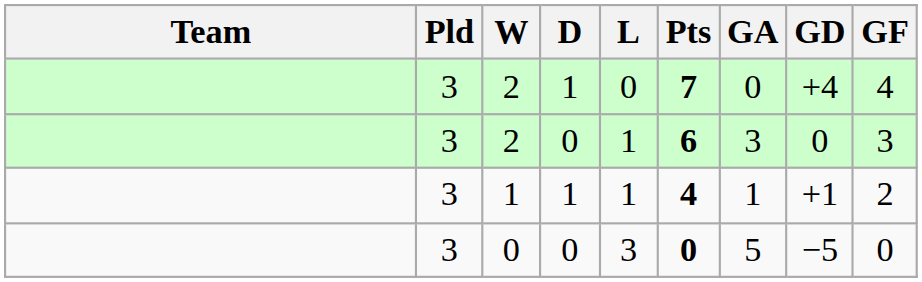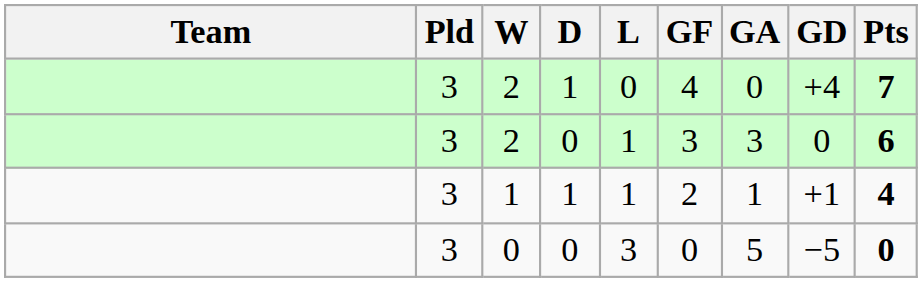 <table class="wikitable" style="text-align:center">
 <tr>
 <th width=185>Team</th>
 <th width=20>Pld</th>
 <th width=20>W</th>
 <th width=20>D</th>
 <th width=20>L</th>
-<th width=20>Pts</th>
+<th width=20>GF</th>
 <th width=20>GA</th>
 <th width=20>GD</th>
-<th width=20>GF</th>
+<th width=20>Pts</th>
 </tr>
 <tr bgcolor="#ccffcc">
 <td align="left"></td>
 <td>3</td>
 <td>2</td>
 <td>1</td>
 <td>0</td>
-<td><strong>7</strong></td>
+<td>4</td>
 <td>0</td>
 <td>+4</td>
-<td>4</td>
+<td><strong>7</strong></td>
 </tr>
 <tr bgcolor="#ccffcc">
 <td align="left"></td>
 <td>3</td>
 <td>2</td>
 <td>0</td>
 <td>1</td>
-<td><strong>6</strong></td>
+<td>3</td>
 <td>3</td>
 <td>0</td>
-<td>3</td>
+<td><strong>6</strong></td>
 </tr>
 <tr>
 <td align="left"></td>
 <td>3</td>
 <td>1</td>
 <td>1</td>
 <td>1</td>
-<td><strong>4</strong></td>
+<td>2</td>
 <td>1</td>
 <td>+1</td>
-<td>2</td>
+<td><strong>4</strong></td>
 </tr>
 <tr>
 <td align="left"></td>
 <td>3</td>
 <td>0</td>
 <td>0</td>
 <td>3</td>
-<td><strong>0</strong></td>
+<td>0</td>
 <td>5</td>
 <td>−5</td>
-<td>0</td>
+<td><strong>0</strong></td>
 </tr>
 </table>
